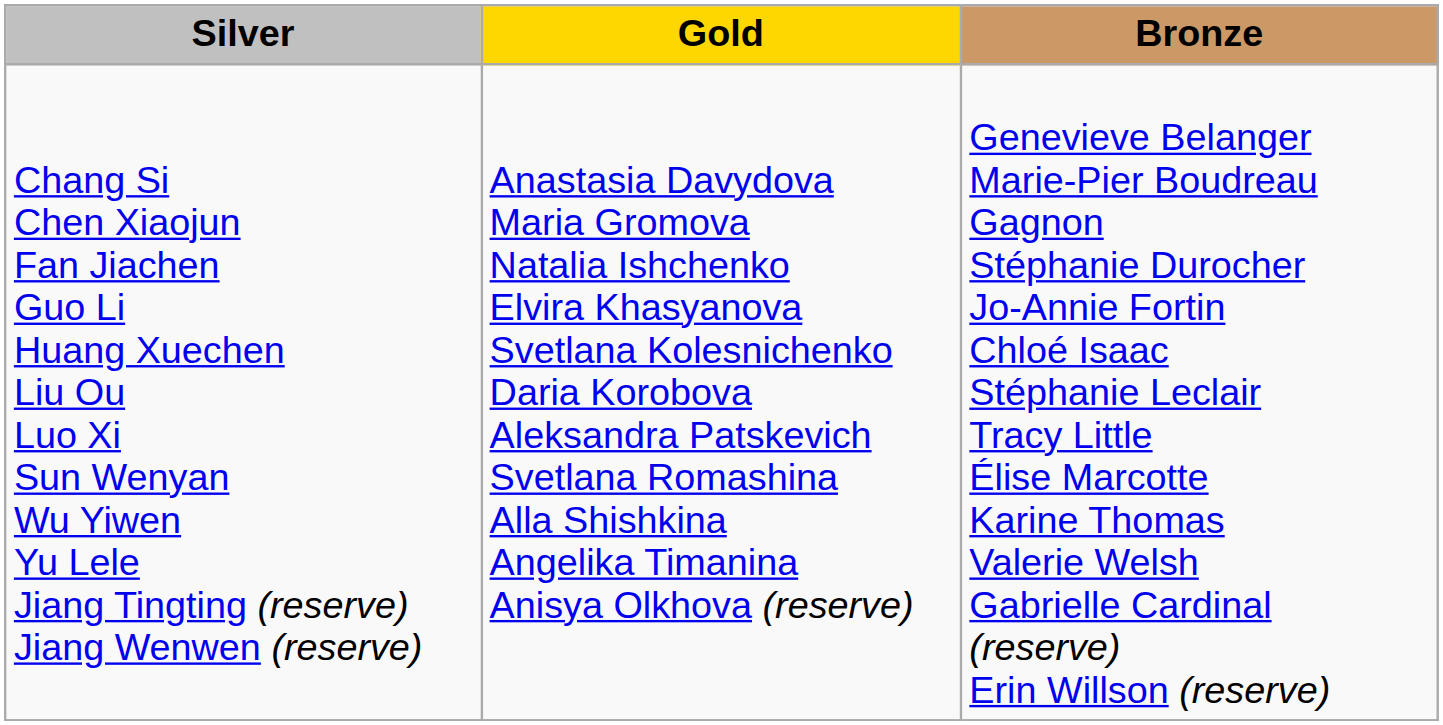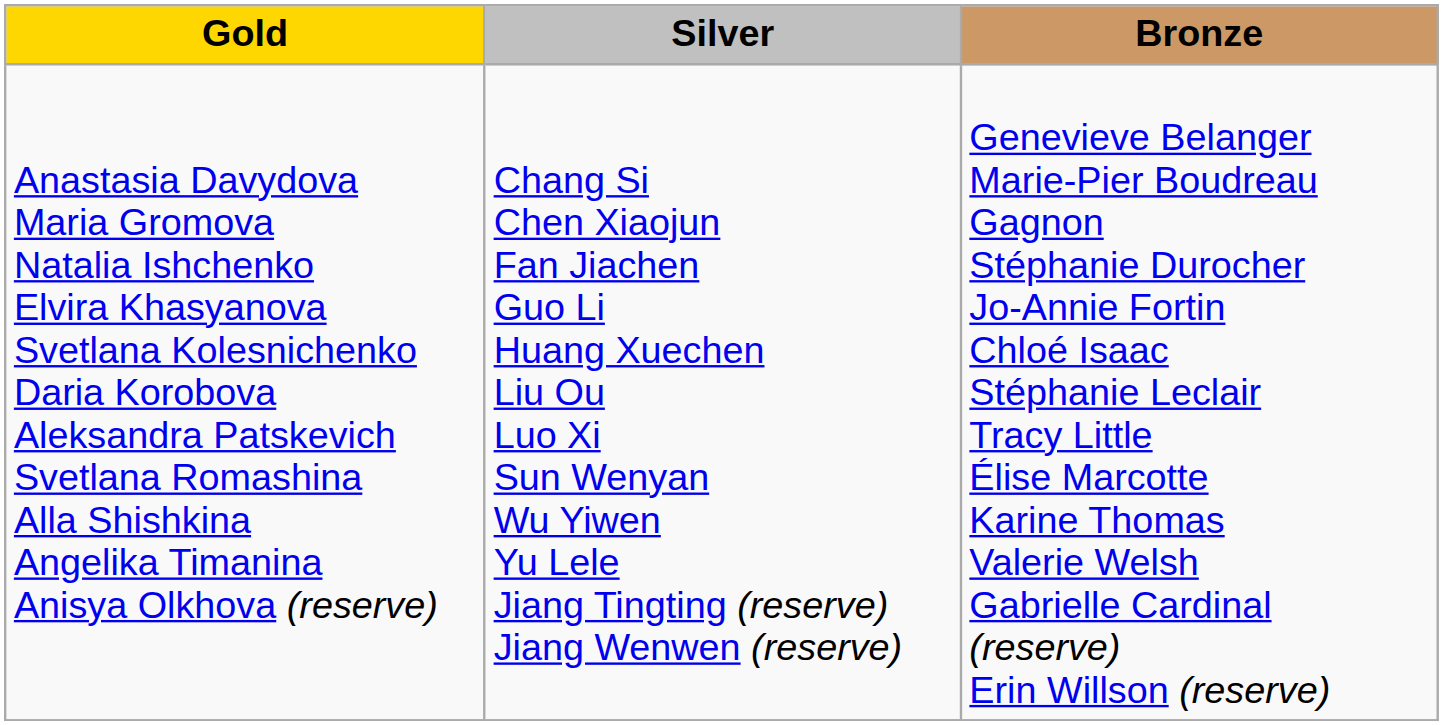 <table class="wikitable" style="text-align:left">
 <tr align="center">
+<td width=200 bgcolor=gold><strong>Gold</strong></td>
 <td width=200 bgcolor=silver><strong>Silver</strong></td>
-<td width=200 bgcolor=gold><strong>Gold</strong></td>
 <td width=200 bgcolor=CC9966><strong>Bronze</strong></td>
 </tr>
 <tr>
+<td><br><a href='#'>Anastasia Davydova</a><br><a href='#'>Maria Gromova</a><br><a href='#'>Natalia Ishchenko</a><br><a href='#'>Elvira Khasyanova</a><br><a href='#'>Svetlana Kolesnichenko</a><br><a href='#'>Daria Korobova</a><br><a href='#'>Aleksandra Patskevich</a><br><a href='#'>Svetlana Romashina</a><br><a href='#'>Alla Shishkina</a><br><a href='#'>Angelika Timanina</a><br><a href='#'>Anisya Olkhova</a> <em>(reserve)</em><br><br></td>
 <td><br><a href='#'>Chang Si</a><br><a href='#'>Chen Xiaojun</a><br><a href='#'>Fan Jiachen</a><br><a href='#'>Guo Li</a><br><a href='#'>Huang Xuechen</a><br><a href='#'>Liu Ou</a><br><a href='#'>Luo Xi</a><br><a href='#'>Sun Wenyan</a><br><a href='#'>Wu Yiwen</a><br><a href='#'>Yu Lele</a><br><a href='#'>Jiang Tingting</a> <em>(reserve)</em><br><a href='#'>Jiang Wenwen</a> <em>(reserve)</em></td>
-<td><br><a href='#'>Anastasia Davydova</a><br><a href='#'>Maria Gromova</a><br><a href='#'>Natalia Ishchenko</a><br><a href='#'>Elvira Khasyanova</a><br><a href='#'>Svetlana Kolesnichenko</a><br><a href='#'>Daria Korobova</a><br><a href='#'>Aleksandra Patskevich</a><br><a href='#'>Svetlana Romashina</a><br><a href='#'>Alla Shishkina</a><br><a href='#'>Angelika Timanina</a><br><a href='#'>Anisya Olkhova</a> <em>(reserve)</em><br><br></td>
 <td><br><a href='#'>Genevieve Belanger</a><br><a href='#'>Marie-Pier Boudreau Gagnon</a><br><a href='#'>Stéphanie Durocher</a><br><a href='#'>Jo-Annie Fortin</a><br><a href='#'>Chloé Isaac</a><br><a href='#'>Stéphanie Leclair</a><br><a href='#'>Tracy Little</a><br><a href='#'>Élise Marcotte</a><br><a href='#'>Karine Thomas</a><br><a href='#'>Valerie Welsh</a><br><a href='#'>Gabrielle Cardinal</a> <em>(reserve)</em><br><a href='#'>Erin Willson</a> <em>(reserve)</em></td>
 </tr>
 </table>
